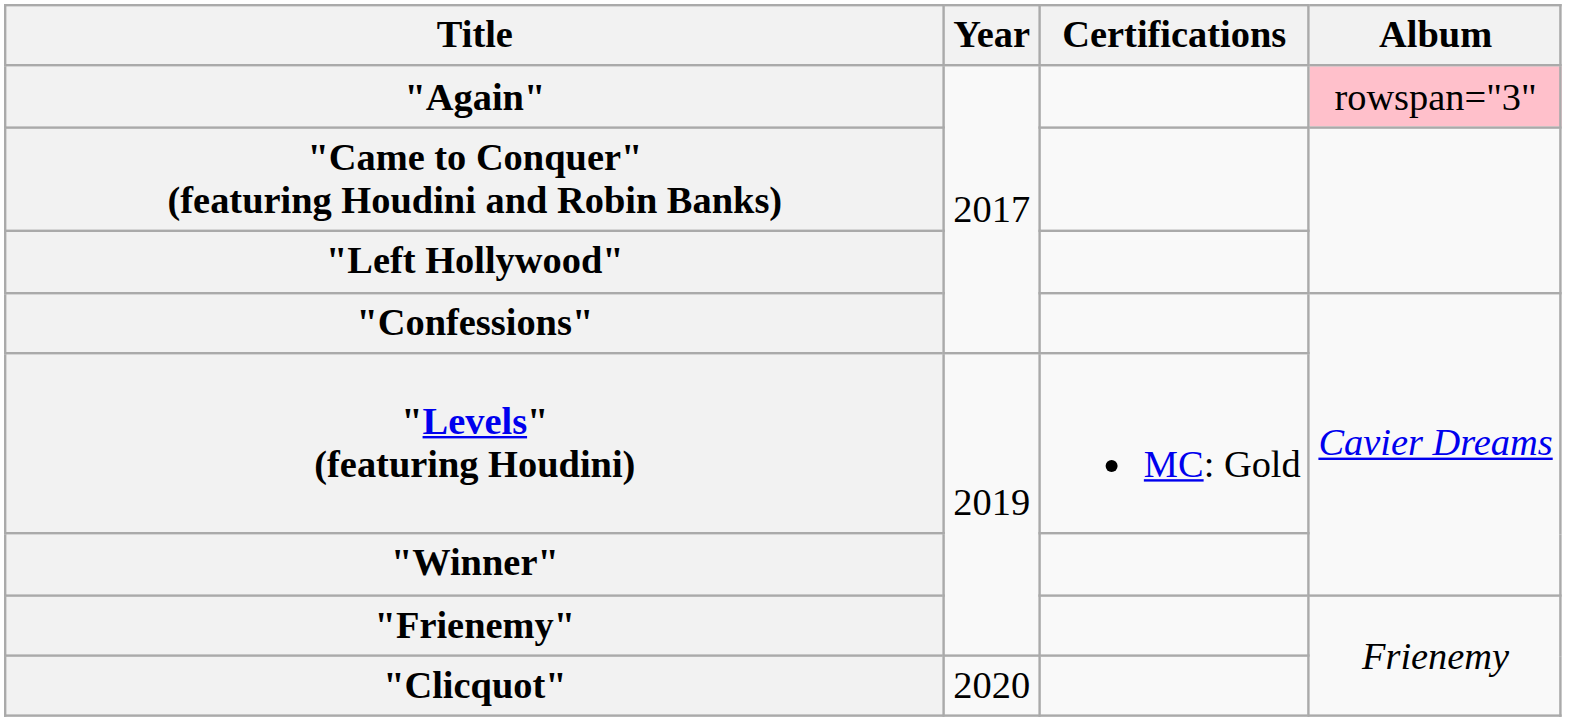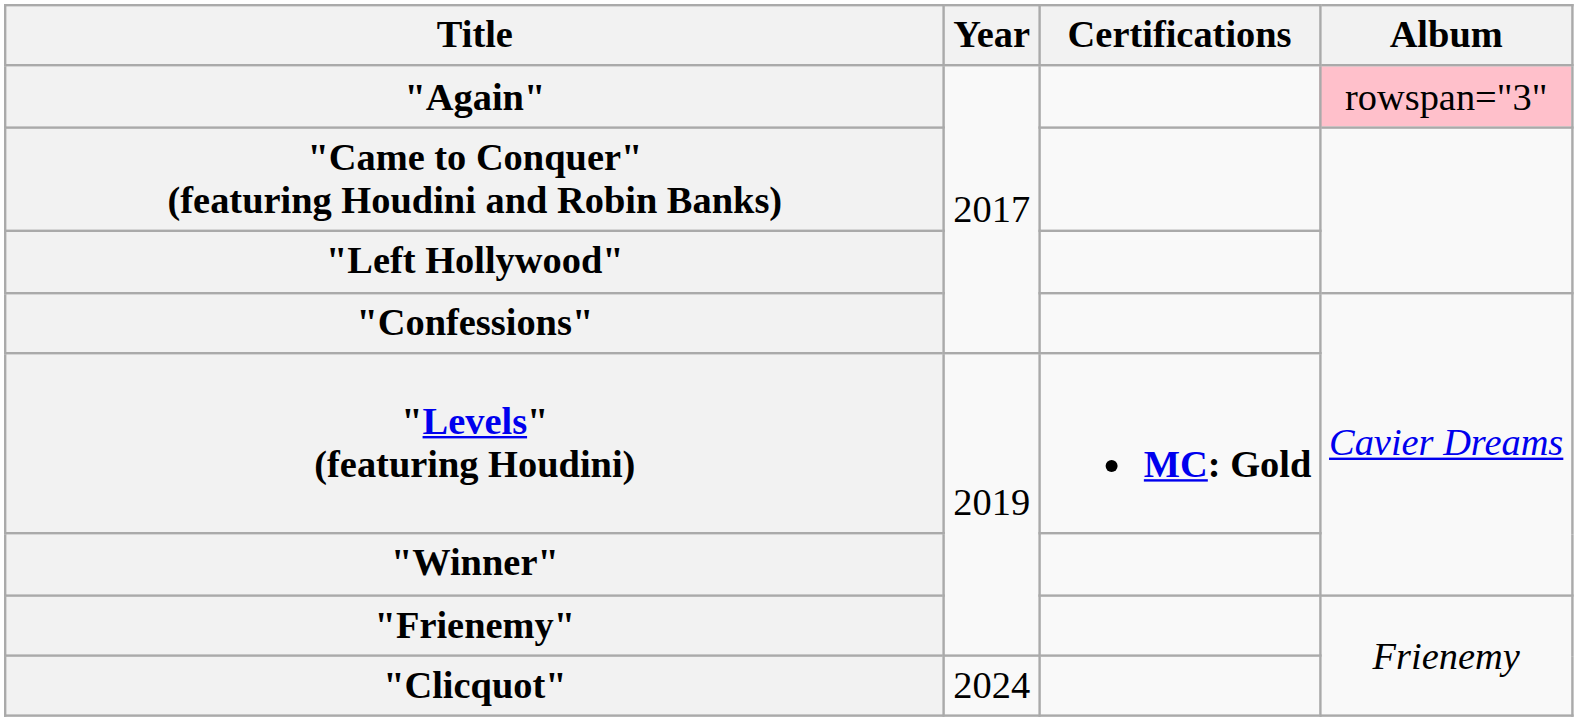 <table class="wikitable plainrowheaders" style="text-align:center;">
 <tr>
 <th scope="col" style="width:24em;">Title</th>
 <th scope="col" style="width:1em;">Year</th>
 <th scope="col">Certifications</th>
 <th scope="col">Album</th>
 </tr>
 <tr>
 <th scope="row">"Again"</th>
 <td rowspan="4">2017</td>
 <td></td>
 <td style="background: pink;">rowspan="3" </td>
 </tr>
 <tr>
 <th scope="row">"Came to Conquer"<br><span>(featuring Houdini and Robin Banks)</span></th>
 <td></td>
 </tr>
 <tr>
 <th scope="row">"Left Hollywood"</th>
 <td></td>
 </tr>
 <tr>
 <th scope="row">"Confessions"</th>
 <td></td>
 <td rowspan="3"><em><a href='#'>Cavier Dreams</a></em></td>
 </tr>
 <tr>
 <th scope="row">"<a href='#'>Levels</a>"<br><span>(featuring Houdini)</span></th>
 <td rowspan="3">2019</td>
-<td><br><ul><li><a href='#'>MC</a>: Gold</li></ul></td>
+<td><strong><br><ul><li><a href='#'>MC</a>: Gold</li></ul></strong></td>
 </tr>
 <tr>
 <th scope="row">"Winner"</th>
 <td></td>
 </tr>
 <tr>
 <th scope="row">"Frienemy"</th>
 <td></td>
 <td rowspan="2"><em>Frienemy</em></td>
 </tr>
 <tr>
 <th scope="row">"Clicquot"</th>
-<td>2020</td>
+<td>2024</td>
 <td></td>
 </tr>
 </table>
